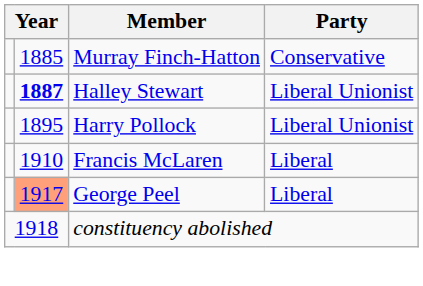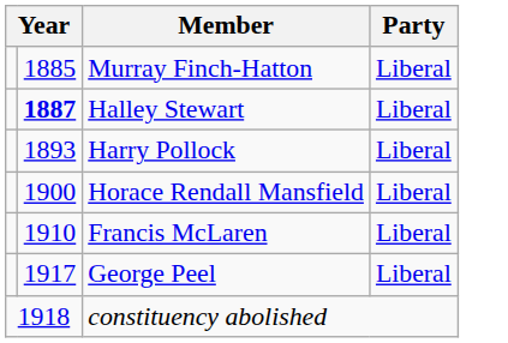 <table class="wikitable">
 <tr>
 <th colspan="2">Year</th>
 <th>Member</th>
 <th>Party</th>
 </tr>
 <tr>
 <td style="color:inherit;background-color: "></td>
 <td><a href='#'>1885</a></td>
 <td><a href='#'>Murray Finch-Hatton</a></td>
-<td><a href='#'>Conservative</a></td>
+<td><a href='#'>Liberal</a></td>
 </tr>
 <tr>
 <td style="color:inherit;background-color: "></td>
 <td><strong><a href='#'>1887</a></strong></td>
 <td><a href='#'>Halley Stewart</a></td>
-<td><a href='#'>Liberal Unionist</a></td>
+<td><a href='#'>Liberal</a></td>
 </tr>
 <tr>
 <td style="color:inherit;background-color: "></td>
-<td><a href='#'>1895</a></td>
+<td><a href='#'>1893</a></td>
 <td><a href='#'>Harry Pollock</a></td>
-<td><a href='#'>Liberal Unionist</a></td>
+<td><a href='#'>Liberal</a></td>
+</tr>
+<tr>
+<td style="color:inherit;background-color: "></td>
+<td><a href='#'>1900</a></td>
+<td><a href='#'>Horace Rendall Mansfield</a></td>
+<td><a href='#'>Liberal</a></td>
 </tr>
 <tr>
 <td style="color:inherit;background-color: "></td>
 <td><a href='#'>1910</a></td>
 <td><a href='#'>Francis McLaren</a></td>
 <td><a href='#'>Liberal</a></td>
 </tr>
 <tr>
 <td style="color:inherit;background-color: "></td>
-<td style="background: lightsalmon;"><a href='#'>1917</a></td>
+<td><a href='#'>1917</a></td>
 <td><a href='#'>George Peel</a></td>
 <td><a href='#'>Liberal</a></td>
 </tr>
 <tr>
 <td colspan="2" align="center"><a href='#'>1918</a></td>
 <td colspan="2"><em>constituency abolished</em></td>
 </tr>
 </table>
